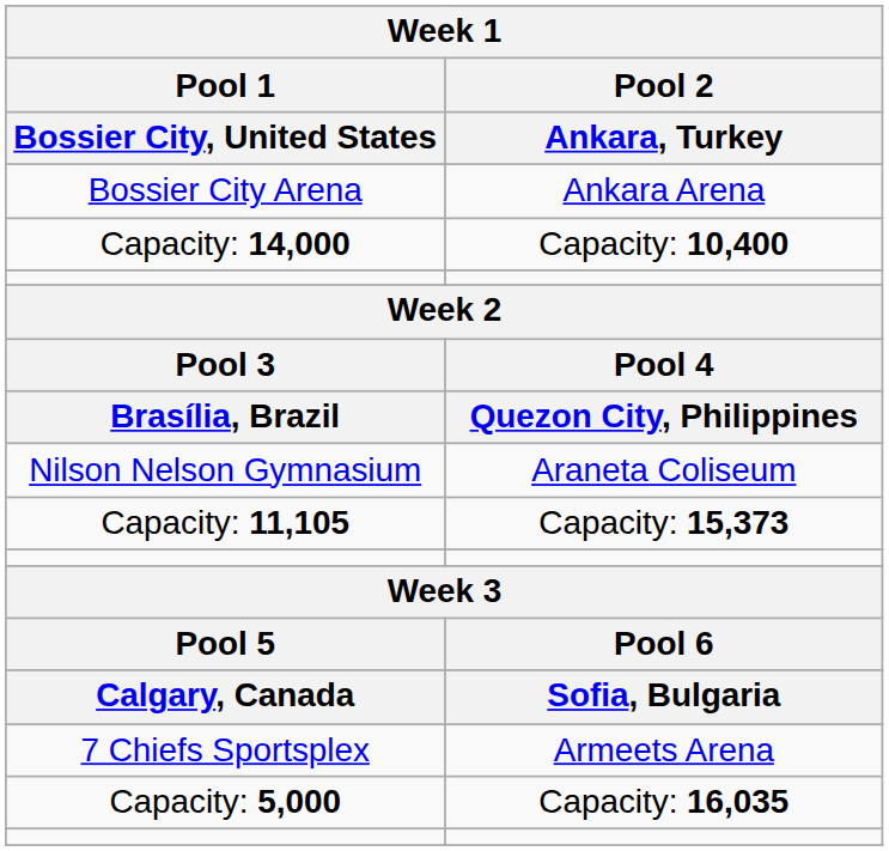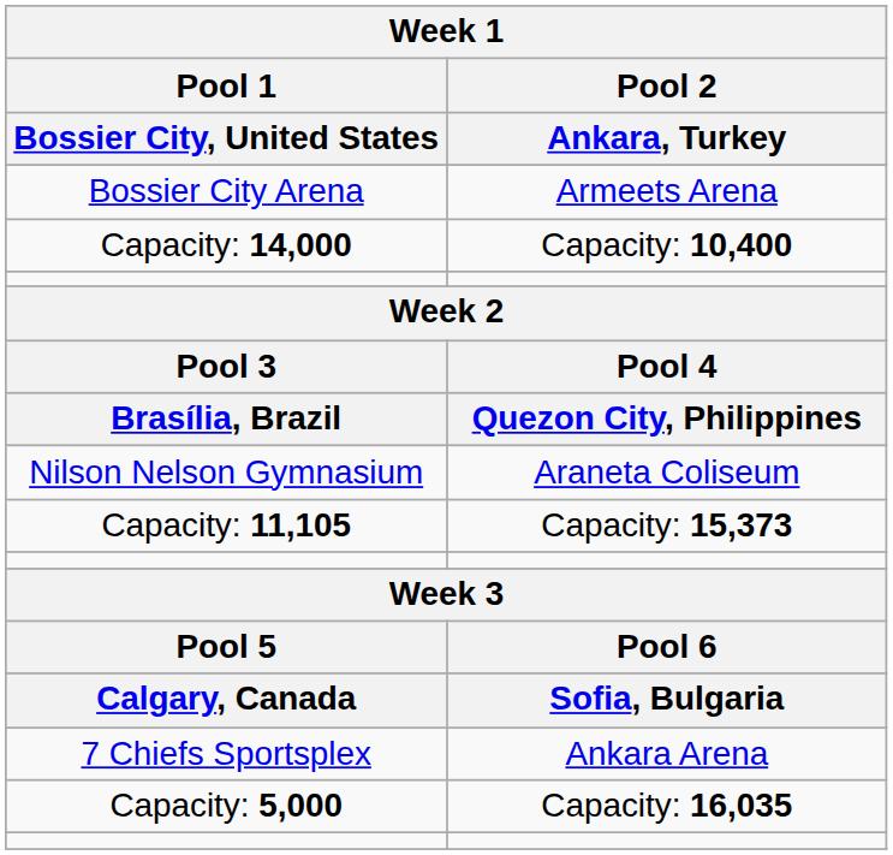 <table class="wikitable" style="text-align:center">
 <tr>
 <th width=100% colspan=2>Week 1</th>
 </tr>
 <tr>
 <th width=50%>Pool 1</th>
 <th width=50%>Pool 2</th>
 </tr>
 <tr>
 <th><a href='#'>Bossier City</a>, United States</th>
 <th><a href='#'>Ankara</a>, Turkey</th>
 </tr>
 <tr>
 <td><a href='#'>Bossier City Arena</a></td>
-<td><a href='#'>Ankara Arena</a></td>
+<td><a href='#'>Armeets Arena</a></td>
 </tr>
 <tr>
 <td>Capacity: <strong>14,000</strong></td>
 <td>Capacity: <strong>10,400</strong></td>
 </tr>
 <tr>
 <td></td>
 <td></td>
 </tr>
 <tr>
 <th width=100% colspan=2>Week 2</th>
 </tr>
 <tr>
 <th width=50%>Pool 3</th>
 <th width=50%>Pool 4</th>
 </tr>
 <tr>
 <th><a href='#'>Brasília</a>, Brazil</th>
 <th><a href='#'>Quezon City</a>, Philippines</th>
 </tr>
 <tr>
 <td><a href='#'>Nilson Nelson Gymnasium</a></td>
 <td><a href='#'>Araneta Coliseum</a></td>
 </tr>
 <tr>
 <td>Capacity: <strong>11,105</strong></td>
 <td>Capacity: <strong>15,373</strong></td>
 </tr>
 <tr>
 <td></td>
 <td></td>
 </tr>
 <tr>
 <th width=100% colspan=2>Week 3</th>
 </tr>
 <tr>
 <th width=50%>Pool 5</th>
 <th width=50%>Pool 6</th>
 </tr>
 <tr>
 <th><a href='#'>Calgary</a>, Canada</th>
 <th><a href='#'>Sofia</a>, Bulgaria</th>
 </tr>
 <tr>
 <td><a href='#'>7 Chiefs Sportsplex</a></td>
-<td><a href='#'>Armeets Arena</a></td>
+<td><a href='#'>Ankara Arena</a></td>
 </tr>
 <tr>
 <td>Capacity: <strong>5,000</strong></td>
 <td>Capacity: <strong>16,035</strong></td>
 </tr>
 <tr>
 <td></td>
 <td></td>
 </tr>
 </table>
